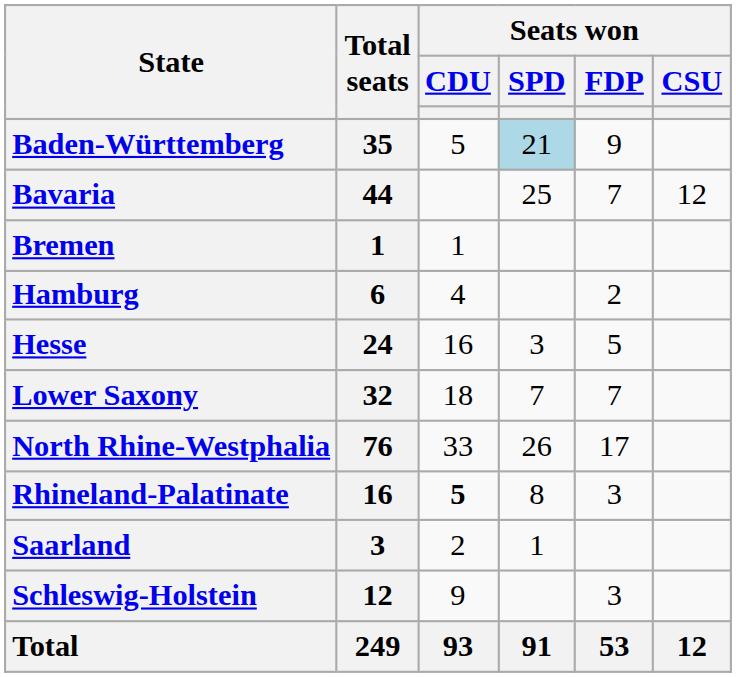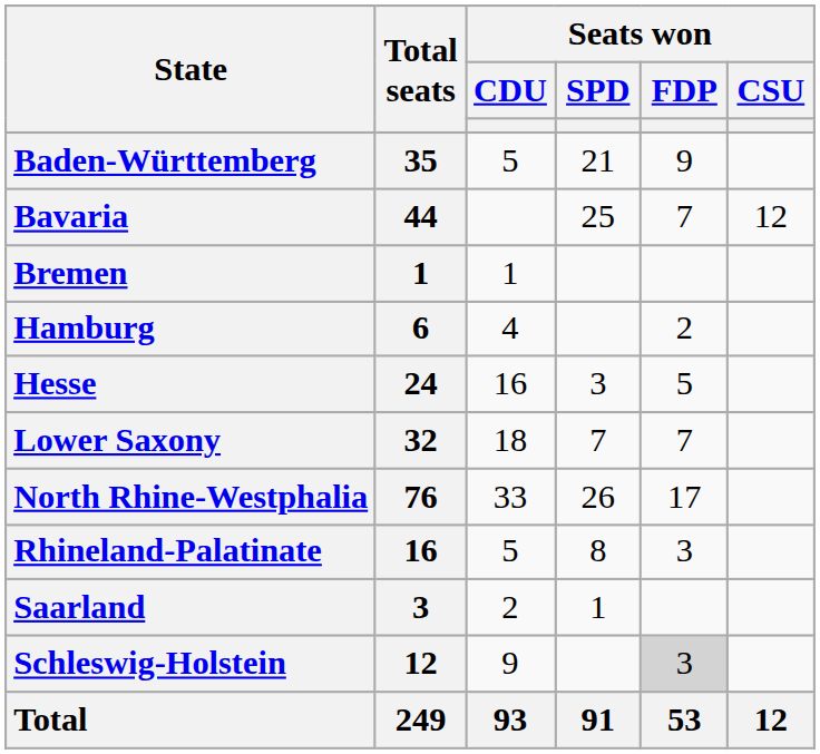 <table class="wikitable" style="text-align:center; font-size: 0.9em;">
 <tr>
 <th rowspan="3">State</th>
 <th rowspan="3">Total<br>seats</th>
 <th colspan="4">Seats won</th>
 </tr>
 <tr>
 <th class="unsortable" style="width:30px;"><a href='#'>CDU</a></th>
 <th class="unsortable" style="width:30px;"><a href='#'>SPD</a></th>
 <th class="unsortable" style="width:30px;"><a href='#'>FDP</a></th>
 <th class="unsortable" style="width:30px;"><a href='#'>CSU</a></th>
 </tr>
 <tr>
 <th style="background:"></th>
 <th style="background:"></th>
 <th style="background:"></th>
 <th style="background:"></th>
 </tr>
 <tr>
 <th style="text-align: left;"><a href='#'>Baden-Württemberg</a></th>
 <th>35</th>
 <td>5</td>
-<td style="background: lightblue;">21</td>
+<td>21</td>
 <td>9</td>
 <td></td>
 </tr>
 <tr>
 <th style="text-align: left;"><a href='#'>Bavaria</a></th>
 <th>44</th>
 <td></td>
 <td>25</td>
 <td>7</td>
 <td>12</td>
 </tr>
 <tr>
 <th style="text-align: left;"><a href='#'>Bremen</a></th>
 <th>1</th>
 <td>1</td>
 <td></td>
 <td></td>
 <td></td>
 </tr>
 <tr>
 <th style="text-align: left;"><a href='#'>Hamburg</a></th>
 <th>6</th>
 <td>4</td>
 <td></td>
 <td>2</td>
 <td></td>
 </tr>
 <tr>
 <th style="text-align: left;"><a href='#'>Hesse</a></th>
 <th>24</th>
 <td>16</td>
 <td>3</td>
 <td>5</td>
 <td></td>
 </tr>
 <tr>
 <th style="text-align: left;"><a href='#'>Lower Saxony</a></th>
 <th>32</th>
 <td>18</td>
 <td>7</td>
 <td>7</td>
 <td></td>
 </tr>
 <tr>
 <th style="text-align: left;"><a href='#'>North Rhine-Westphalia</a></th>
 <th>76</th>
 <td>33</td>
 <td>26</td>
 <td>17</td>
 <td></td>
 </tr>
 <tr>
 <th style="text-align: left;"><a href='#'>Rhineland-Palatinate</a></th>
 <th>16</th>
-<td><strong>5</strong></td>
+<td>5</td>
 <td>8</td>
 <td>3</td>
 <td></td>
 </tr>
 <tr>
 <th style="text-align: left;"><a href='#'>Saarland</a></th>
 <th>3</th>
 <td>2</td>
 <td>1</td>
 <td></td>
 <td></td>
 </tr>
 <tr>
 <th style="text-align: left;"><a href='#'>Schleswig-Holstein</a></th>
 <th>12</th>
 <td>9</td>
 <td></td>
-<td>3</td>
+<td style="background: lightgrey;">3</td>
 <td></td>
 </tr>
 <tr class="sortbottom">
 <th style="text-align: left;">Total</th>
 <th>249</th>
 <th>93</th>
 <th>91</th>
 <th>53</th>
 <th>12</th>
 </tr>
 </table>
